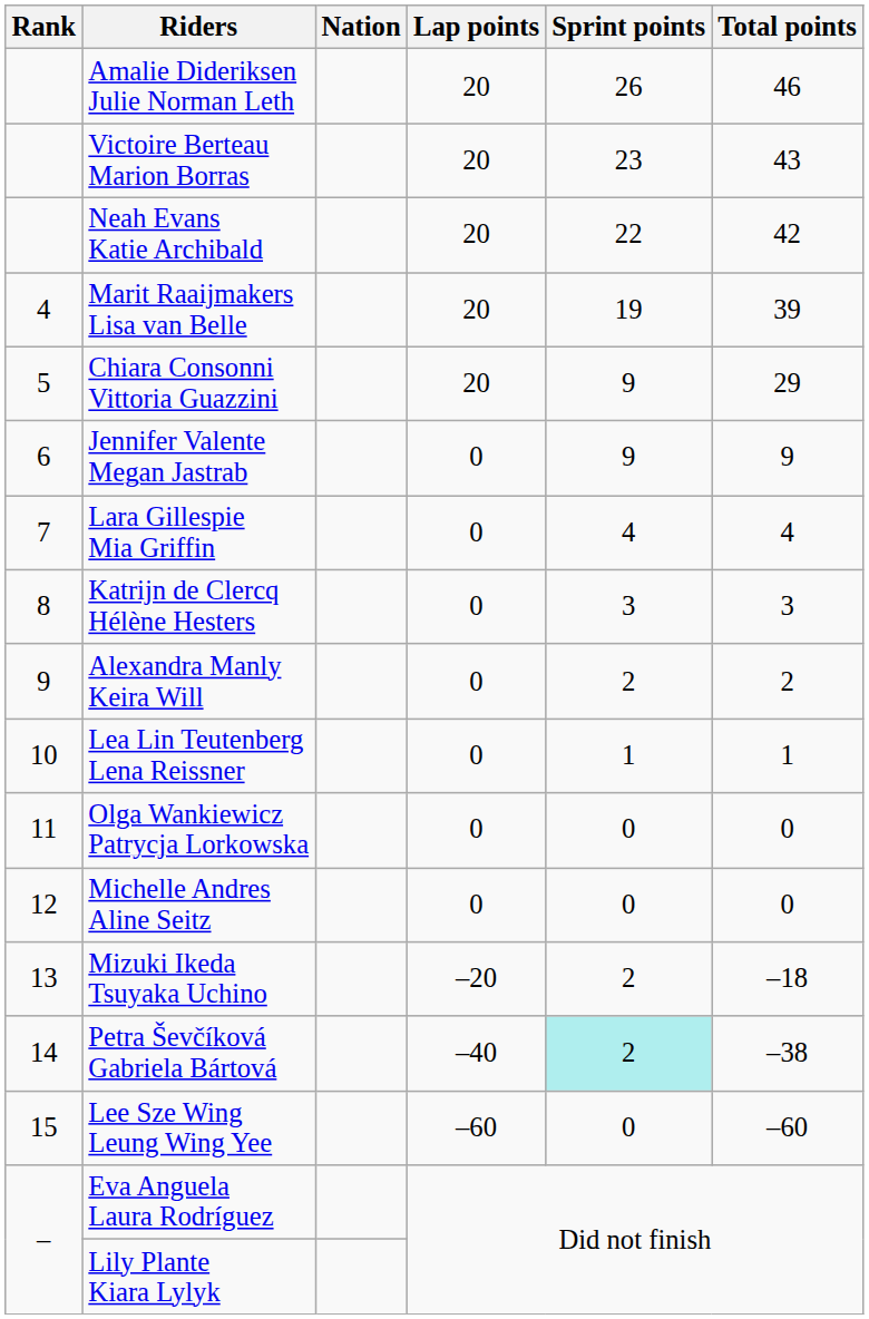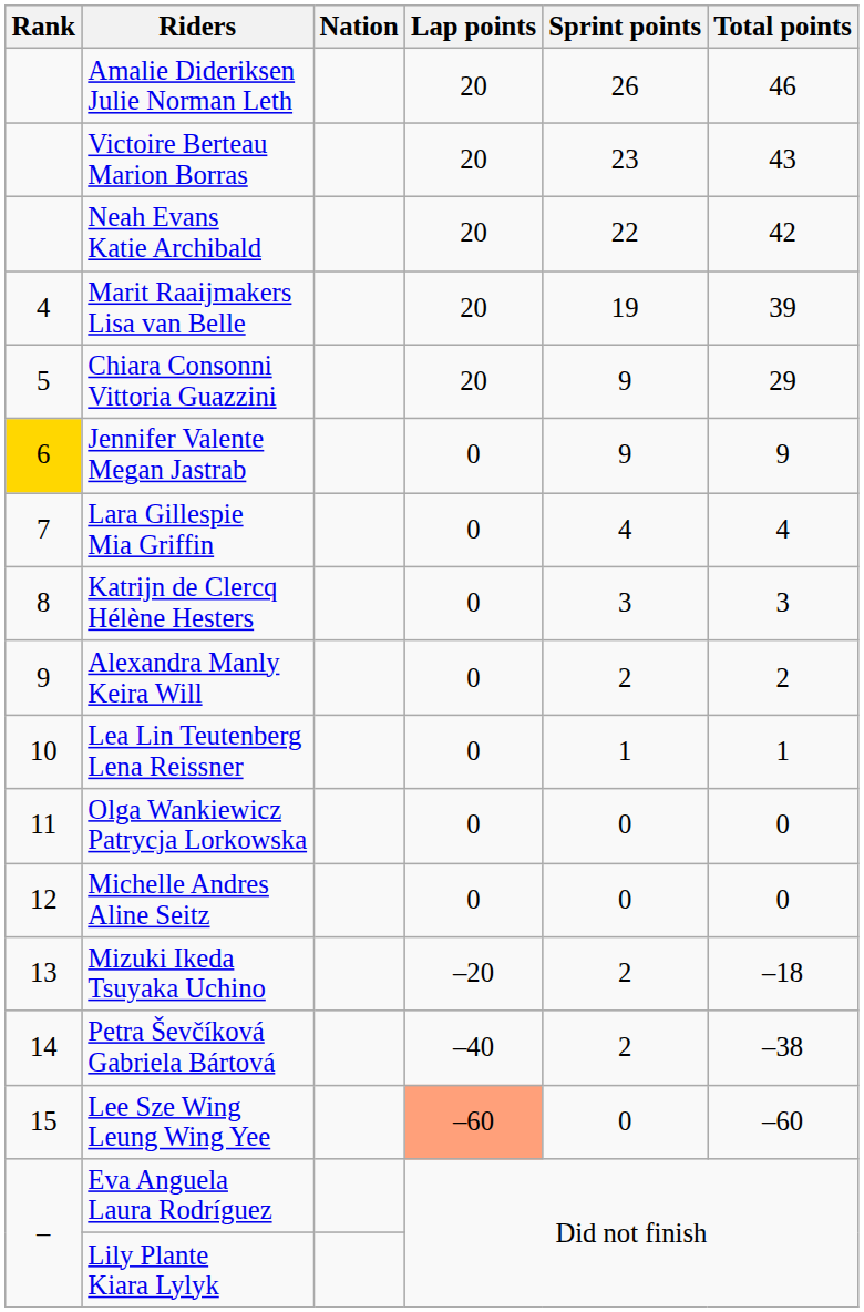 <table class="wikitable sortable" style="text-align:center;">
 <tr>
 <th>Rank</th>
 <th>Riders</th>
 <th>Nation</th>
 <th>Lap points</th>
 <th>Sprint points</th>
 <th>Total points</th>
 </tr>
 <tr>
 <td></td>
 <td align="left"><a href='#'>Amalie Dideriksen</a><br><a href='#'>Julie Norman Leth</a></td>
 <td align="left"></td>
 <td>20</td>
 <td>26</td>
 <td>46</td>
 </tr>
 <tr>
 <td></td>
 <td align="left"><a href='#'>Victoire Berteau</a><br><a href='#'>Marion Borras</a></td>
 <td align="left"></td>
 <td>20</td>
 <td>23</td>
 <td>43</td>
 </tr>
 <tr>
 <td></td>
 <td align="left"><a href='#'>Neah Evans</a><br><a href='#'>Katie Archibald</a></td>
 <td align="left"></td>
 <td>20</td>
 <td>22</td>
 <td>42</td>
 </tr>
 <tr>
 <td>4</td>
 <td align="left"><a href='#'>Marit Raaijmakers</a><br><a href='#'>Lisa van Belle</a></td>
 <td align="left"></td>
 <td>20</td>
 <td>19</td>
 <td>39</td>
 </tr>
 <tr>
 <td>5</td>
 <td align="left"><a href='#'>Chiara Consonni</a><br><a href='#'>Vittoria Guazzini</a></td>
 <td align="left"></td>
 <td>20</td>
 <td>9</td>
 <td>29</td>
 </tr>
 <tr>
-<td>6</td>
+<td style="background: gold;">6</td>
 <td align="left"><a href='#'>Jennifer Valente</a><br><a href='#'>Megan Jastrab</a></td>
 <td align="left"></td>
 <td>0</td>
 <td>9</td>
 <td>9</td>
 </tr>
 <tr>
 <td>7</td>
 <td align="left"><a href='#'>Lara Gillespie</a><br><a href='#'>Mia Griffin</a></td>
 <td align="left"></td>
 <td>0</td>
 <td>4</td>
 <td>4</td>
 </tr>
 <tr>
 <td>8</td>
 <td align="left"><a href='#'>Katrijn de Clercq</a><br><a href='#'>Hélène Hesters</a></td>
 <td align="left"></td>
 <td>0</td>
 <td>3</td>
 <td>3</td>
 </tr>
 <tr>
 <td>9</td>
 <td align="left"><a href='#'>Alexandra Manly</a><br><a href='#'>Keira Will</a></td>
 <td align="left"></td>
 <td>0</td>
 <td>2</td>
 <td>2</td>
 </tr>
 <tr>
 <td>10</td>
 <td align="left"><a href='#'>Lea Lin Teutenberg</a><br><a href='#'>Lena Reissner</a></td>
 <td align="left"></td>
 <td>0</td>
 <td>1</td>
 <td>1</td>
 </tr>
 <tr>
 <td>11</td>
 <td align="left"><a href='#'>Olga Wankiewicz</a><br><a href='#'>Patrycja Lorkowska</a></td>
 <td align="left"></td>
 <td>0</td>
 <td>0</td>
 <td>0</td>
 </tr>
 <tr>
 <td>12</td>
 <td align="left"><a href='#'>Michelle Andres</a><br><a href='#'>Aline Seitz</a></td>
 <td align="left"></td>
 <td>0</td>
 <td>0</td>
 <td>0</td>
 </tr>
 <tr>
 <td>13</td>
 <td align="left"><a href='#'>Mizuki Ikeda</a><br><a href='#'>Tsuyaka Uchino</a></td>
 <td align="left"></td>
 <td>–20</td>
 <td>2</td>
 <td>–18</td>
 </tr>
 <tr>
 <td>14</td>
 <td align="left"><a href='#'>Petra Ševčíková</a><br><a href='#'>Gabriela Bártová</a></td>
 <td align="left"></td>
 <td>–40</td>
-<td style="background: paleturquoise;">2</td>
+<td>2</td>
 <td>–38</td>
 </tr>
 <tr>
 <td>15</td>
 <td align="left"><a href='#'>Lee Sze Wing</a><br><a href='#'>Leung Wing Yee</a></td>
 <td align="left"></td>
-<td>–60</td>
+<td style="background: lightsalmon;">–60</td>
 <td>0</td>
 <td>–60</td>
 </tr>
 <tr>
 <td rowspan=2>–</td>
 <td align="left"><a href='#'>Eva Anguela</a><br><a href='#'>Laura Rodríguez</a></td>
 <td align="left"></td>
 <td colspan=3 rowspan=2>Did not finish</td>
 </tr>
 <tr>
 <td align="left"><a href='#'>Lily Plante</a><br><a href='#'>Kiara Lylyk</a></td>
 <td align="left"></td>
 </tr>
 </table>
